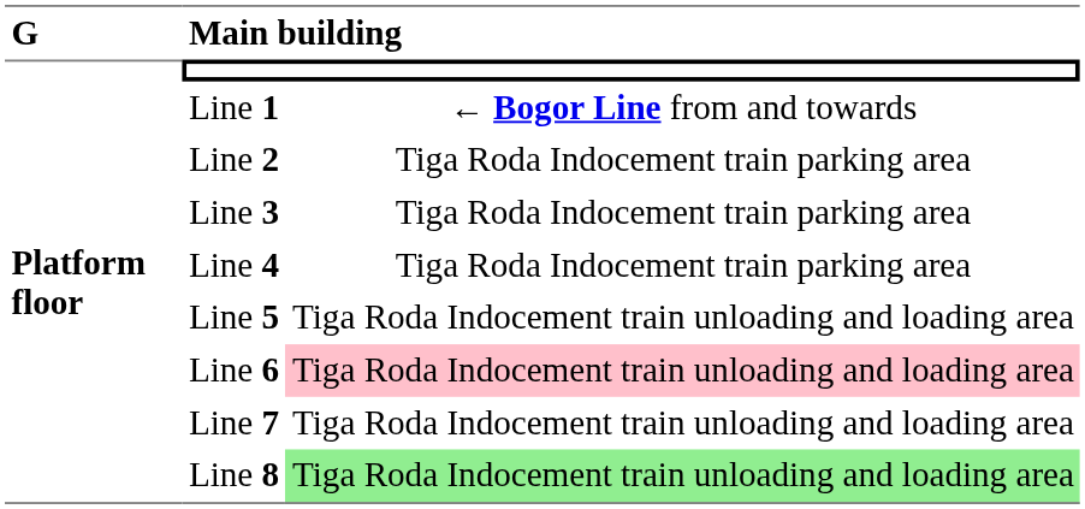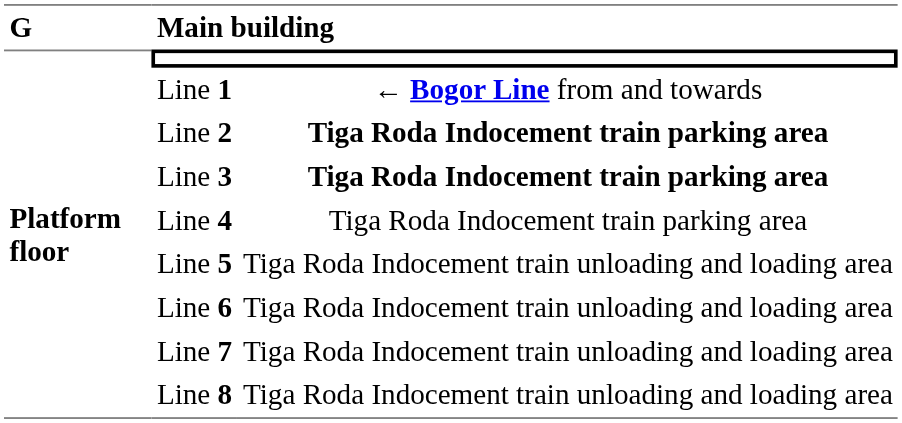 <table cellspacing="0" cellpadding="3">
 <tr>
 <td style="border-top:solid 1px gray;"><strong>G</strong></td>
 <td colspan="2" style="border-top:solid 1px gray;"><strong>Main building</strong></td>
 </tr>
 <tr>
 <td rowspan="9" style="border-top:solid 1px gray; border-bottom:solid 1px gray" width="75"><strong>Platform floor</strong></td>
 <td colspan="2" style="border-top:solid 2px black;border-right:solid 2px black;border-left:solid 2px black;border-bottom:solid 2px black;text-align:center;"></td>
 </tr>
 <tr>
 <td>Line <strong>1</strong></td>
 <td style="text-align:center">←   <strong><a href='#'>Bogor Line</a></strong> from and towards </td>
 </tr>
 <tr>
 <td>Line <strong>2</strong></td>
-<td style="text-align:center">Tiga Roda Indocement train parking area</td>
+<td style="text-align:center"><strong>Tiga Roda Indocement train parking area</strong></td>
 </tr>
 <tr>
 <td>Line <strong>3</strong></td>
-<td style="text-align:center">Tiga Roda Indocement train parking area</td>
+<td style="text-align:center"><strong>Tiga Roda Indocement train parking area</strong></td>
 </tr>
 <tr>
 <td>Line <strong>4</strong></td>
 <td style="text-align:center">Tiga Roda Indocement train parking area</td>
 </tr>
 <tr>
 <td>Line <strong>5</strong></td>
 <td style="text-align:center">Tiga Roda Indocement train unloading and loading area</td>
 </tr>
 <tr>
 <td>Line <strong>6</strong></td>
-<td style="background: pink; text-align:center">Tiga Roda Indocement train unloading and loading area</td>
+<td style="text-align:center">Tiga Roda Indocement train unloading and loading area</td>
 </tr>
 <tr>
 <td>Line <strong>7</strong></td>
 <td style="text-align:center">Tiga Roda Indocement train unloading and loading area</td>
 </tr>
 <tr>
 <td style="border-bottom:solid 1px gray;">Line <strong>8</strong></td>
-<td style="background: lightgreen; border-bottom:solid 1px gray; text-align:center">Tiga Roda Indocement train unloading and loading area</td>
+<td style="border-bottom:solid 1px gray; text-align:center">Tiga Roda Indocement train unloading and loading area</td>
 </tr>
 </table>
